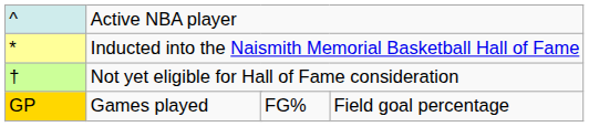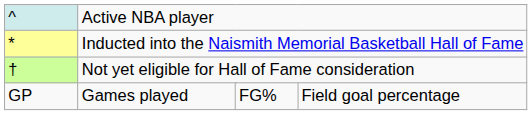 <table class="wikitable">
 <tr>
 <td style="background-color:#CFECEC; width:4em" colspan=1>^</td>
 <td colspan=5>Active NBA player</td>
 </tr>
 <tr>
 <td style="background-color:#FFFF99; width:4em" colspan=1>*</td>
 <td colspan=5>Inducted into the <a href='#'>Naismith Memorial Basketball Hall of Fame</a></td>
 </tr>
 <tr>
 <td style="background:#CCFF99; width:1em" colspan=1>†</td>
 <td colspan=5>Not yet eligible for Hall of Fame consideration</td>
 </tr>
 <tr>
-<td style="background: gold; width:1em">GP</td>
+<td style="width:1em">GP</td>
 <td colspan=2>Games played</td>
 <td>FG%</td>
 <td colspan="2">Field goal percentage</td>
 </tr>
 </table>
